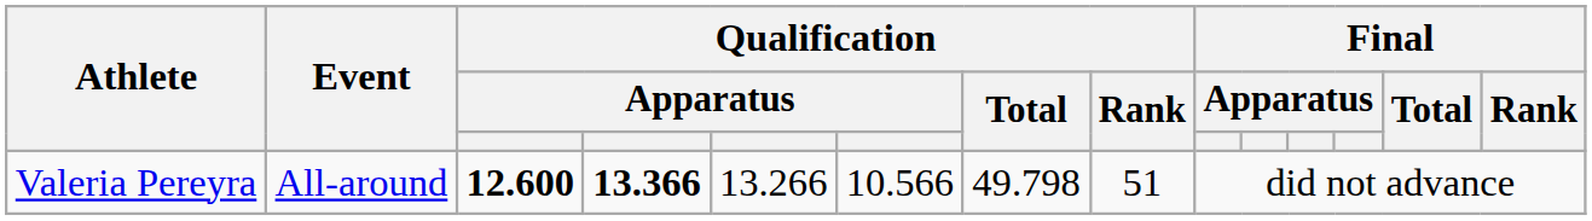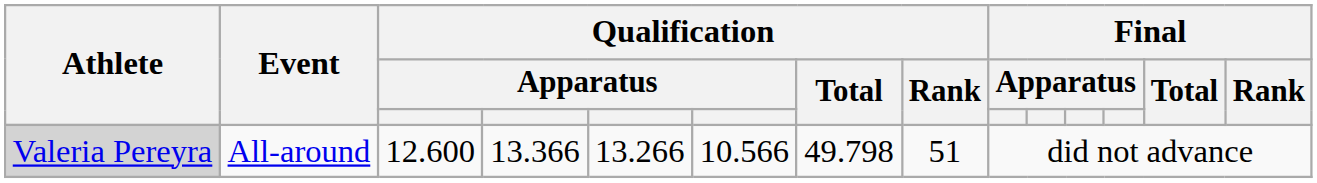 <table class="wikitable" style="font-size:90%">
 <tr>
 <th rowspan=3>Athlete</th>
 <th rowspan=3>Event</th>
 <th colspan =6>Qualification</th>
 <th colspan =6>Final</th>
 </tr>
 <tr style="font-size:95%">
 <th colspan=4>Apparatus</th>
 <th rowspan=2>Total</th>
 <th rowspan=2>Rank</th>
 <th colspan=4>Apparatus</th>
 <th rowspan=2>Total</th>
 <th rowspan=2>Rank</th>
 </tr>
 <tr style="font-size:95%">
 <th></th>
 <th></th>
 <th></th>
 <th></th>
 <th></th>
 <th></th>
 <th></th>
 <th></th>
 </tr>
 <tr align=center>
-<td align=left><a href='#'>Valeria Pereyra</a></td>
+<td align=left style="background: lightgrey;"><a href='#'>Valeria Pereyra</a></td>
 <td align=left><a href='#'>All-around</a></td>
-<td><strong>12.600</strong></td>
-<td><strong>13.366</strong></td>
+<td>12.600</td>
+<td>13.366</td>
 <td>13.266</td>
 <td>10.566</td>
 <td>49.798</td>
 <td>51</td>
 <td colspan=6>did not advance</td>
 </tr>
 </table>
